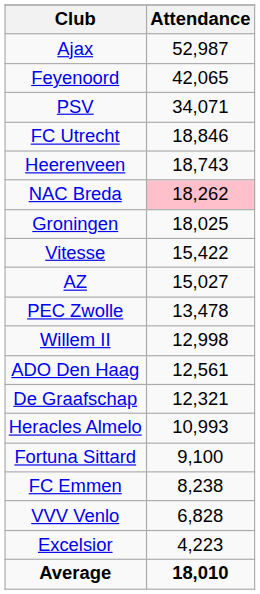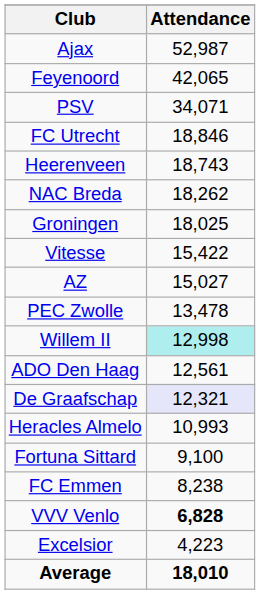 <table class=wikitable style="font-size:100%; float:right;">
 <tr>
 </tr>
 <tr>
 <th>Club</th>
 <th>Attendance</th>
 </tr>
 <tr>
 <td style="text-align:center;"><a href='#'>Ajax</a></td>
 <td style="text-align:center;">52,987</td>
 </tr>
 <tr style="text-align:center;">
 <td><a href='#'>Feyenoord</a></td>
 <td>42,065</td>
 </tr>
 <tr>
 <td style="text-align:center;"><a href='#'>PSV</a></td>
 <td style="text-align:center;">34,071</td>
 </tr>
 <tr style="text-align:center;">
 <td><a href='#'>FC Utrecht</a></td>
 <td>18,846</td>
 </tr>
 <tr>
 <td style="text-align:center;"><a href='#'>Heerenveen</a></td>
 <td style="text-align:center;">18,743</td>
 </tr>
 <tr style="text-align:center;">
 <td><a href='#'>NAC Breda</a></td>
-<td style="background: pink;">18,262</td>
+<td>18,262</td>
 </tr>
 <tr>
 <td style="text-align:center;"><a href='#'>Groningen</a></td>
 <td style="text-align:center;">18,025</td>
 </tr>
 <tr style="text-align:center;">
 <td><a href='#'>Vitesse</a></td>
 <td>15,422</td>
 </tr>
 <tr>
 <td style="text-align:center;"><a href='#'>AZ</a></td>
 <td style="text-align:center;">15,027</td>
 </tr>
 <tr style="text-align:center;">
 <td><a href='#'>PEC Zwolle</a></td>
 <td>13,478</td>
 </tr>
 <tr>
 <td style="text-align:center;"><a href='#'>Willem II</a></td>
-<td style="text-align:center;">12,998</td>
+<td style="background: paleturquoise; text-align:center;">12,998</td>
 </tr>
 <tr style="text-align:center;">
 <td><a href='#'>ADO Den Haag</a></td>
 <td>12,561</td>
 </tr>
 <tr>
 <td style="text-align:center;"><a href='#'>De Graafschap</a></td>
-<td style="text-align:center;">12,321</td>
+<td style="background: lavender; text-align:center;">12,321</td>
 </tr>
 <tr style="text-align:center;">
 <td><a href='#'>Heracles Almelo</a></td>
 <td>10,993</td>
 </tr>
 <tr>
 <td style="text-align:center;"><a href='#'>Fortuna Sittard</a></td>
 <td style="text-align:center;">9,100</td>
 </tr>
 <tr style="text-align:center;">
 <td><a href='#'>FC Emmen</a></td>
 <td>8,238</td>
 </tr>
 <tr>
 <td style="text-align:center;"><a href='#'>VVV Venlo</a></td>
-<td style="text-align:center;">6,828</td>
+<td style="text-align:center;"><strong>6,828</strong></td>
 </tr>
 <tr style="text-align:center;">
 <td><a href='#'>Excelsior</a></td>
 <td>4,223</td>
 </tr>
 <tr style="text-align:center;">
 <td><strong>Average</strong></td>
 <td><strong>18,010</strong></td>
 </tr>
 </table>
